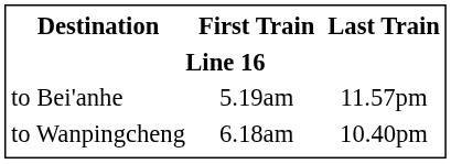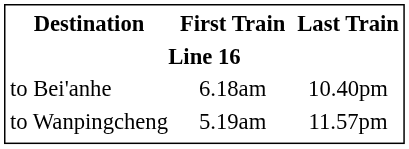 <table style="text-align:centre; font-size:95%; border:1px solid black">
 <tr>
 <th>Destination</th>
 <th></th>
 <th>First Train</th>
 <th></th>
 <th>Last Train</th>
 </tr>
 <tr>
 <th colspan="7" style="background-color:#">Line 16</th>
 </tr>
 <tr>
 <td>to Bei'anhe</td>
 <td></td>
+<td style="text-align:center">6.18am</td>
+<td></td>
+<td style="text-align:center">10.40pm</td>
+</tr>
+<tr>
+<td>to Wanpingcheng</td>
+<td></td>
 <td style="text-align:center">5.19am</td>
 <td></td>
 <td style="text-align:center">11.57pm</td>
 </tr>
 <tr>
-<td>to Wanpingcheng</td>
-<td></td>
-<td style="text-align:center">6.18am</td>
-<td></td>
-<td style="text-align:center">10.40pm</td>
-</tr>
-<tr>
 </tr>
 </table>
